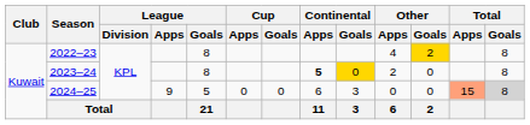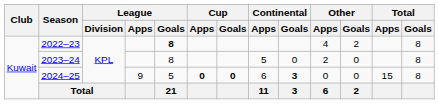 <table class="wikitable" style="font-size:90%; text-align: center">
 <tr>
 <th rowspan=2>Club</th>
 <th rowspan=2>Season</th>
 <th colspan=3>League</th>
 <th colspan=2>Cup</th>
 <th colspan=2>Continental</th>
 <th colspan=2>Other</th>
 <th colspan=2>Total</th>
 </tr>
 <tr>
 <th>Division</th>
 <th>Apps</th>
 <th>Goals</th>
 <th>Apps</th>
 <th>Goals</th>
 <th>Apps</th>
 <th>Goals</th>
 <th>Apps</th>
 <th>Goals</th>
 <th>Apps</th>
 <th>Goals</th>
 </tr>
 <tr>
 <td rowspan=4><a href='#'>Kuwait</a></td>
 <td><a href='#'>2022–23</a></td>
 <td rowspan=3><a href='#'>KPL</a></td>
 <td></td>
-<td>8</td>
+<td><strong>8</strong></td>
 <td></td>
 <td></td>
 <td></td>
 <td></td>
 <td>4</td>
-<td style="background: gold;">2</td>
+<td>2</td>
 <td></td>
 <td>8</td>
 </tr>
 <tr>
 <td><a href='#'>2023–24</a></td>
 <td></td>
 <td>8</td>
 <td></td>
 <td></td>
-<td><strong>5</strong></td>
-<td style="background: gold;">0</td>
+<td>5</td>
+<td>0</td>
 <td>2</td>
 <td>0</td>
 <td></td>
 <td>8</td>
 </tr>
 <tr>
 <td><a href='#'>2024–25</a></td>
 <td>9</td>
 <td>5</td>
+<td><strong>0</strong></td>
+<td><strong>0</strong></td>
+<td>6</td>
+<td><strong>3</strong></td>
 <td>0</td>
 <td>0</td>
-<td>6</td>
-<td>3</td>
-<td>0</td>
-<td>0</td>
-<td style="background: lightsalmon;">15</td>
-<td style="background: lightgrey;">8</td>
+<td>15</td>
+<td>8</td>
 </tr>
 <tr>
 <th colspan=2>Total</th>
 <th></th>
 <th>21</th>
 <th></th>
 <th></th>
 <th>11</th>
 <th>3</th>
 <th>6</th>
 <th>2</th>
 <th></th>
 <th></th>
 </tr>
 </table>
